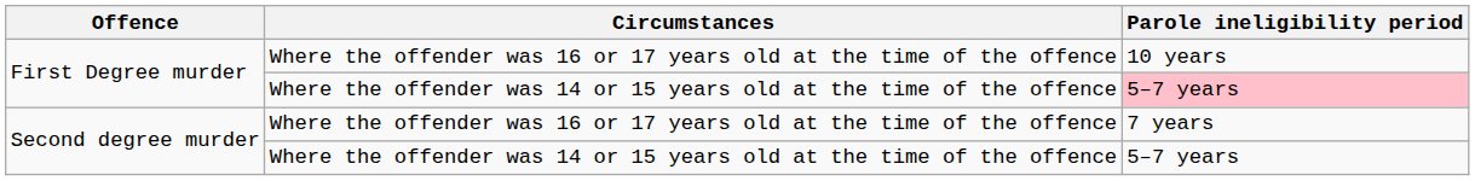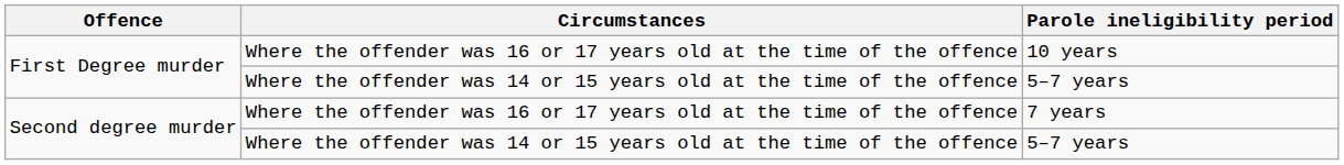 <table class="wikitable">
 <tr>
 <th>Offence</th>
 <th>Circumstances</th>
 <th>Parole ineligibility period</th>
 </tr>
 <tr>
 <td rowspan="2">First Degree murder</td>
 <td>Where the offender was 16 or 17 years old at the time of the offence</td>
 <td>10 years</td>
 </tr>
 <tr>
 <td>Where the offender was 14 or 15 years old at the time of the offence</td>
-<td style="background: pink;">5–7 years</td>
+<td>5–7 years</td>
 </tr>
 <tr>
 <td rowspan="2">Second degree murder</td>
 <td>Where the offender was 16 or 17 years old at the time of the offence</td>
 <td>7 years</td>
 </tr>
 <tr>
 <td>Where the offender was 14 or 15 years old at the time of the offence</td>
 <td>5–7 years</td>
 </tr>
 </table>
